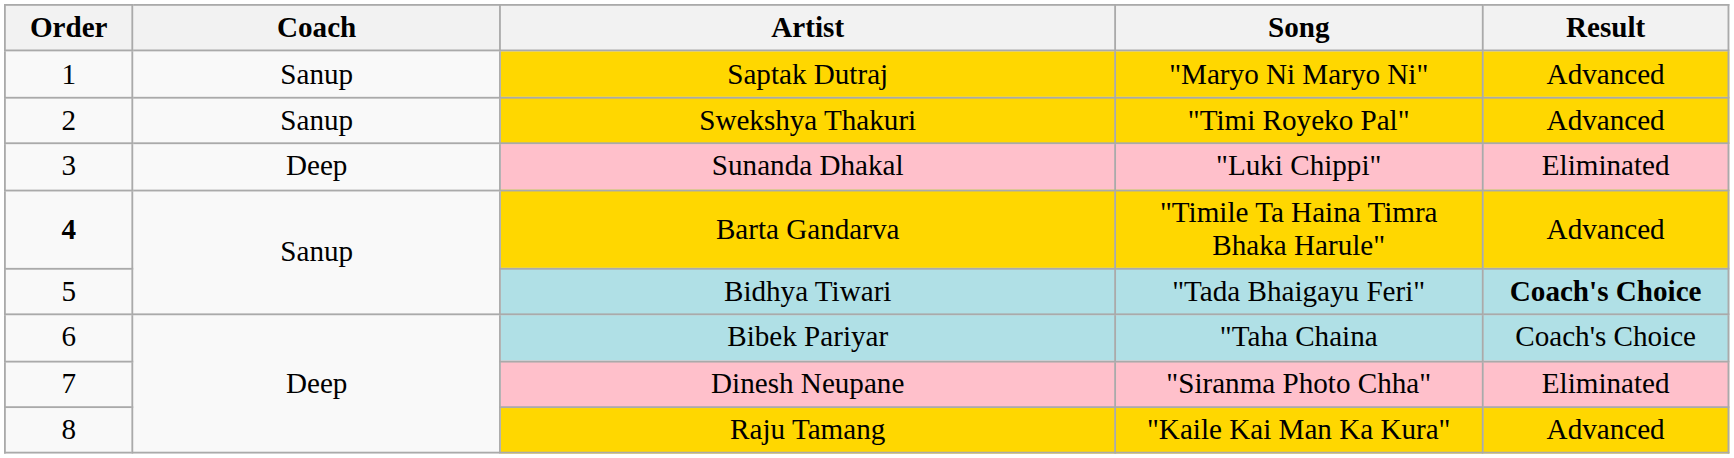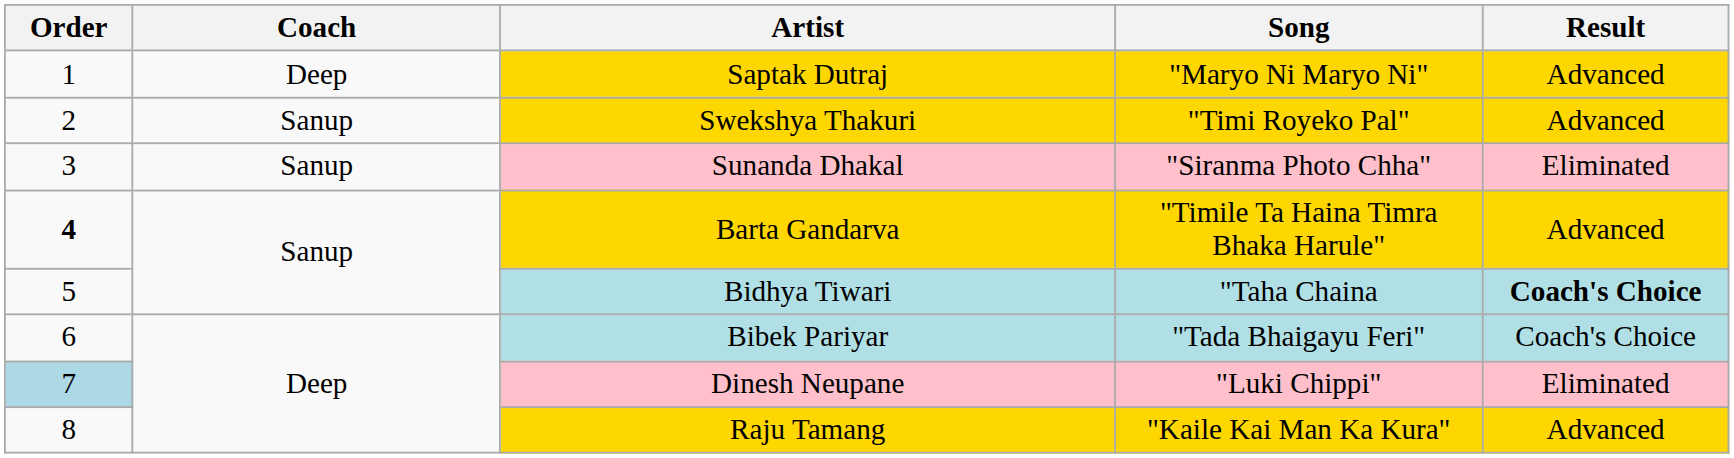 <table class="wikitable plainrowheaders" style="text-align:center; width:75%;">
 <tr>
 <th scope="col" style="width:05%;">Order</th>
 <th scope="col" style="width:15%;">Coach</th>
 <th scope="col" style="width:25%;">Artist</th>
 <th scope="col" style="width:15%;">Song</th>
 <th scope="col" style="width:10%;">Result</th>
 </tr>
 <tr>
 <td scope="row">1</td>
-<td>Sanup</td>
+<td>Deep</td>
 <td style="background:gold">Saptak Dutraj</td>
 <td style="background:gold">"Maryo Ni Maryo Ni"</td>
 <td style="background:gold">Advanced</td>
 </tr>
 <tr>
 <td scope="row">2</td>
 <td>Sanup</td>
 <td style="background:gold">Swekshya Thakuri</td>
 <td style="background:gold">"Timi Royeko Pal"</td>
 <td style="background:gold">Advanced</td>
 </tr>
 <tr>
 <td scope="row">3</td>
-<td>Deep</td>
+<td>Sanup</td>
 <td style="background:pink">Sunanda Dhakal</td>
-<td style="background:pink">"Luki Chippi"</td>
+<td style="background:pink">"Siranma Photo Chha"</td>
 <td style="background:pink">Eliminated</td>
 </tr>
 <tr>
 <td scope="row"><strong>4</strong></td>
 <td rowspan="2">Sanup</td>
 <td style="background:gold">Barta Gandarva</td>
 <td style="background:gold">"Timile Ta Haina Timra Bhaka Harule"</td>
 <td style="background:gold">Advanced</td>
 </tr>
 <tr>
 <td scope="row" `>5</td>
 <td style="background:#b0e0e6">Bidhya Tiwari</td>
-<td style="background:#b0e0e6">"Tada Bhaigayu Feri"</td>
+<td style="background:#b0e0e6">"Taha Chaina</td>
 <td style="background:#b0e0e6"><strong>Coach's Choice</strong></td>
 </tr>
 <tr>
 <td scope="row">6</td>
 <td rowspan="3">Deep</td>
 <td style="background:#b0e0e6">Bibek Pariyar</td>
-<td style="background:#b0e0e6">"Taha Chaina</td>
+<td style="background:#b0e0e6">"Tada Bhaigayu Feri"</td>
 <td style="background:#b0e0e6">Coach's Choice</td>
 </tr>
 <tr>
-<td scope="row">7</td>
+<td scope="row" style="background: lightblue;">7</td>
 <td style="background:pink">Dinesh Neupane</td>
-<td style="background:pink">"Siranma Photo Chha"</td>
+<td style="background:pink">"Luki Chippi"</td>
 <td style="background:pink">Eliminated</td>
 </tr>
 <tr>
 <td scope="row">8</td>
 <td style="background:gold">Raju Tamang</td>
 <td style="background:gold">"Kaile Kai Man Ka Kura"</td>
 <td style="background:gold">Advanced</td>
 </tr>
 </table>
